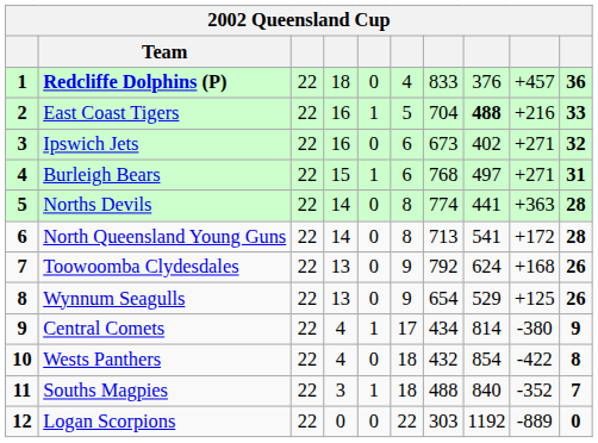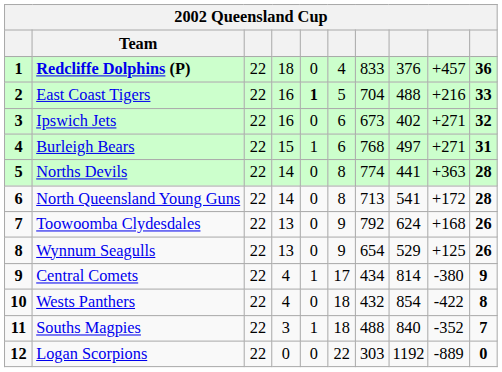 <table class="wikitable" style="text-align:center;">
 <tr>
 <th colspan="11">2002 Queensland Cup</th>
 </tr>
 <tr>
 <th width="20"></th>
 <th>Team</th>
 <th width="20"></th>
 <th width="20"></th>
 <th width="20"></th>
 <th width="20"></th>
 <th width="25"></th>
 <th width="25"></th>
 <th width="30"></th>
 <th width="20"></th>
 </tr>
 <tr style="background: #ccffcc;">
 <td><strong>1</strong></td>
 <td style="text-align:left;"> <strong><a href='#'>Redcliffe Dolphins</a> (P)</strong></td>
 <td>22</td>
 <td>18</td>
 <td>0</td>
 <td>4</td>
 <td>833</td>
 <td>376</td>
 <td>+457</td>
 <td><strong>36</strong></td>
 </tr>
 <tr style="background: #ccffcc;">
 <td><strong>2</strong></td>
 <td style="text-align:left;"> <a href='#'>East Coast Tigers</a></td>
 <td>22</td>
 <td>16</td>
-<td>1</td>
+<td><strong>1</strong></td>
 <td>5</td>
 <td>704</td>
-<td><strong>488</strong></td>
+<td>488</td>
 <td>+216</td>
 <td><strong>33</strong></td>
 </tr>
 <tr style="background: #ccffcc;">
 <td><strong>3</strong></td>
 <td style="text-align:left;"> <a href='#'>Ipswich Jets</a></td>
 <td>22</td>
 <td>16</td>
 <td>0</td>
 <td>6</td>
 <td>673</td>
 <td>402</td>
 <td>+271</td>
 <td><strong>32</strong></td>
 </tr>
 <tr style="background: #ccffcc;">
 <td><strong>4</strong></td>
 <td style="text-align:left;"> <a href='#'>Burleigh Bears</a></td>
 <td>22</td>
 <td>15</td>
 <td>1</td>
 <td>6</td>
 <td>768</td>
 <td>497</td>
 <td>+271</td>
 <td><strong>31</strong></td>
 </tr>
 <tr style="background: #ccffcc;">
 <td><strong>5</strong></td>
 <td style="text-align:left;"> <a href='#'>Norths Devils</a></td>
 <td>22</td>
 <td>14</td>
 <td>0</td>
 <td>8</td>
 <td>774</td>
 <td>441</td>
 <td>+363</td>
 <td><strong>28</strong></td>
 </tr>
 <tr style="background:">
 <td><strong>6</strong></td>
 <td style="text-align:left;"> <a href='#'>North Queensland Young Guns</a></td>
 <td>22</td>
 <td>14</td>
 <td>0</td>
 <td>8</td>
 <td>713</td>
 <td>541</td>
 <td>+172</td>
 <td><strong>28</strong></td>
 </tr>
 <tr style="background:">
 <td><strong>7</strong></td>
 <td style="text-align:left;"> <a href='#'>Toowoomba Clydesdales</a></td>
 <td>22</td>
 <td>13</td>
 <td>0</td>
 <td>9</td>
 <td>792</td>
 <td>624</td>
 <td>+168</td>
 <td><strong>26</strong></td>
 </tr>
 <tr style="background:">
 <td><strong>8</strong></td>
 <td style="text-align:left;"> <a href='#'>Wynnum Seagulls</a></td>
 <td>22</td>
 <td>13</td>
 <td>0</td>
 <td>9</td>
 <td>654</td>
 <td>529</td>
 <td>+125</td>
 <td><strong>26</strong></td>
 </tr>
 <tr style="background:">
 <td><strong>9</strong></td>
 <td style="text-align:left;"> <a href='#'>Central Comets</a></td>
 <td>22</td>
 <td>4</td>
 <td>1</td>
 <td>17</td>
 <td>434</td>
 <td>814</td>
 <td>-380</td>
 <td><strong>9</strong></td>
 </tr>
 <tr style="background:">
 <td><strong>10</strong></td>
 <td style="text-align:left;"> <a href='#'>Wests Panthers</a></td>
 <td>22</td>
 <td>4</td>
 <td>0</td>
 <td>18</td>
 <td>432</td>
 <td>854</td>
 <td>-422</td>
 <td><strong>8</strong></td>
 </tr>
 <tr style="background:">
 <td><strong>11</strong></td>
 <td style="text-align:left;"> <a href='#'>Souths Magpies</a></td>
 <td>22</td>
 <td>3</td>
 <td>1</td>
 <td>18</td>
 <td>488</td>
 <td>840</td>
 <td>-352</td>
 <td><strong>7</strong></td>
 </tr>
 <tr style="background:">
 <td><strong>12</strong></td>
 <td style="text-align:left;"> <a href='#'>Logan Scorpions</a></td>
 <td>22</td>
 <td>0</td>
 <td>0</td>
 <td>22</td>
 <td>303</td>
 <td>1192</td>
 <td>-889</td>
 <td><strong>0</strong></td>
 </tr>
 </table>
